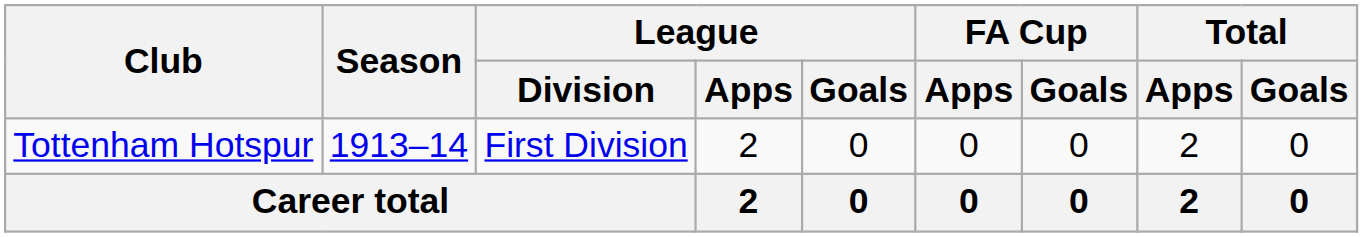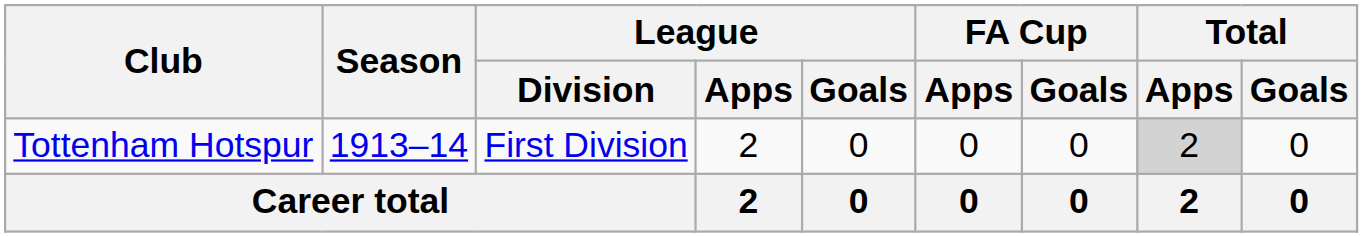 <table class="wikitable" style="text-align: center;">
 <tr>
 <th rowspan="2">Club</th>
 <th rowspan="2">Season</th>
 <th colspan="3">League</th>
 <th colspan="2">FA Cup</th>
 <th colspan="2">Total</th>
 </tr>
 <tr>
 <th>Division</th>
 <th>Apps</th>
 <th>Goals</th>
 <th>Apps</th>
 <th>Goals</th>
 <th>Apps</th>
 <th>Goals</th>
 </tr>
 <tr>
 <td><a href='#'>Tottenham Hotspur</a></td>
 <td><a href='#'>1913–14</a></td>
 <td><a href='#'>First Division</a></td>
 <td>2</td>
 <td>0</td>
 <td>0</td>
 <td>0</td>
-<td>2</td>
+<td style="background: lightgrey;">2</td>
 <td>0</td>
 </tr>
 <tr>
 <th colspan="3">Career total</th>
 <th>2</th>
 <th>0</th>
 <th>0</th>
 <th>0</th>
 <th>2</th>
 <th>0</th>
 </tr>
 </table>
